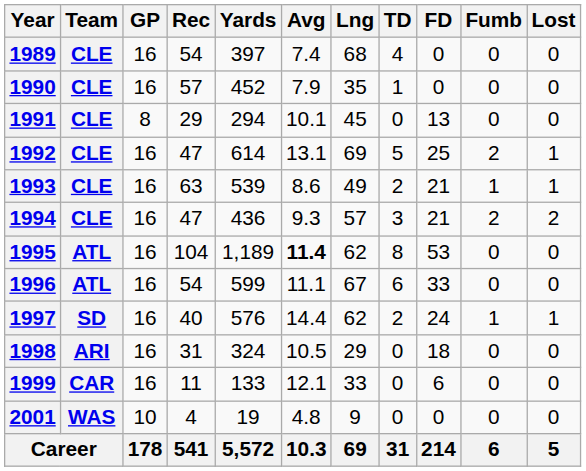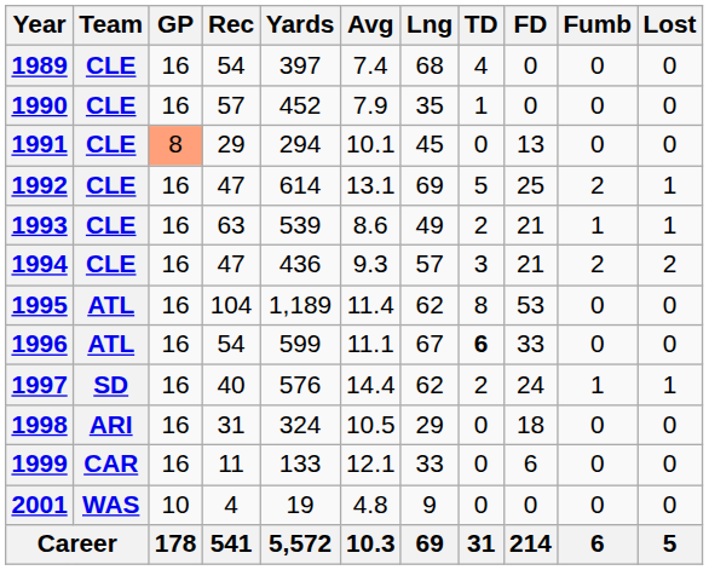 <table class="wikitable" style="text-align: center;">
 <tr>
 <th>Year</th>
 <th>Team</th>
 <th>GP</th>
 <th>Rec</th>
 <th>Yards</th>
 <th>Avg</th>
 <th>Lng</th>
 <th>TD</th>
 <th>FD</th>
 <th>Fumb</th>
 <th>Lost</th>
 </tr>
 <tr>
 <th><a href='#'>1989</a></th>
 <th><a href='#'>CLE</a></th>
 <td>16</td>
 <td>54</td>
 <td>397</td>
 <td>7.4</td>
 <td>68</td>
 <td>4</td>
 <td>0</td>
 <td>0</td>
 <td>0</td>
 </tr>
 <tr>
 <th><a href='#'>1990</a></th>
 <th><a href='#'>CLE</a></th>
 <td>16</td>
 <td>57</td>
 <td>452</td>
 <td>7.9</td>
 <td>35</td>
 <td>1</td>
 <td>0</td>
 <td>0</td>
 <td>0</td>
 </tr>
 <tr>
 <th><a href='#'>1991</a></th>
 <th><a href='#'>CLE</a></th>
-<td>8</td>
+<td style="background: lightsalmon;">8</td>
 <td>29</td>
 <td>294</td>
 <td>10.1</td>
 <td>45</td>
 <td>0</td>
 <td>13</td>
 <td>0</td>
 <td>0</td>
 </tr>
 <tr>
 <th><a href='#'>1992</a></th>
 <th><a href='#'>CLE</a></th>
 <td>16</td>
 <td>47</td>
 <td>614</td>
 <td>13.1</td>
 <td>69</td>
 <td>5</td>
 <td>25</td>
 <td>2</td>
 <td>1</td>
 </tr>
 <tr>
 <th><a href='#'>1993</a></th>
 <th><a href='#'>CLE</a></th>
 <td>16</td>
 <td>63</td>
 <td>539</td>
 <td>8.6</td>
 <td>49</td>
 <td>2</td>
 <td>21</td>
 <td>1</td>
 <td>1</td>
 </tr>
 <tr>
 <th><a href='#'>1994</a></th>
 <th><a href='#'>CLE</a></th>
 <td>16</td>
 <td>47</td>
 <td>436</td>
 <td>9.3</td>
 <td>57</td>
 <td>3</td>
 <td>21</td>
 <td>2</td>
 <td>2</td>
 </tr>
 <tr>
 <th><a href='#'>1995</a></th>
 <th><a href='#'>ATL</a></th>
 <td>16</td>
 <td>104</td>
 <td>1,189</td>
-<td><strong>11.4</strong></td>
+<td>11.4</td>
 <td>62</td>
 <td>8</td>
 <td>53</td>
 <td>0</td>
 <td>0</td>
 </tr>
 <tr>
 <th><a href='#'>1996</a></th>
 <th><a href='#'>ATL</a></th>
 <td>16</td>
 <td>54</td>
 <td>599</td>
 <td>11.1</td>
 <td>67</td>
-<td>6</td>
+<td><strong>6</strong></td>
 <td>33</td>
 <td>0</td>
 <td>0</td>
 </tr>
 <tr>
 <th><a href='#'>1997</a></th>
 <th><a href='#'>SD</a></th>
 <td>16</td>
 <td>40</td>
 <td>576</td>
 <td>14.4</td>
 <td>62</td>
 <td>2</td>
 <td>24</td>
 <td>1</td>
 <td>1</td>
 </tr>
 <tr>
 <th><a href='#'>1998</a></th>
 <th><a href='#'>ARI</a></th>
 <td>16</td>
 <td>31</td>
 <td>324</td>
 <td>10.5</td>
 <td>29</td>
 <td>0</td>
 <td>18</td>
 <td>0</td>
 <td>0</td>
 </tr>
 <tr>
 <th><a href='#'>1999</a></th>
 <th><a href='#'>CAR</a></th>
 <td>16</td>
 <td>11</td>
 <td>133</td>
 <td>12.1</td>
 <td>33</td>
 <td>0</td>
 <td>6</td>
 <td>0</td>
 <td>0</td>
 </tr>
 <tr>
 <th><a href='#'>2001</a></th>
 <th><a href='#'>WAS</a></th>
 <td>10</td>
 <td>4</td>
 <td>19</td>
 <td>4.8</td>
 <td>9</td>
 <td>0</td>
 <td>0</td>
 <td>0</td>
 <td>0</td>
 </tr>
 <tr>
 <th colspan="2">Career</th>
 <th>178</th>
 <th>541</th>
 <th>5,572</th>
 <th>10.3</th>
 <th>69</th>
 <th>31</th>
 <th>214</th>
 <th>6</th>
 <th>5</th>
 </tr>
 </table>
